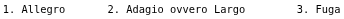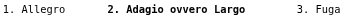 <table>
 <tr>
 <td colspan="3"></td>
 </tr>
 <tr>
 <td style="width: 33%; text-align: center;">1. Allegro</td>
-<td style="width: 33%; text-align: center;">2. Adagio ovvero Largo</td>
+<td style="width: 33%; text-align: center;"><strong>2. Adagio ovvero Largo</strong></td>
 <td style="width: 33%; text-align: center;">3. Fuga</td>
 </tr>
 </table>
